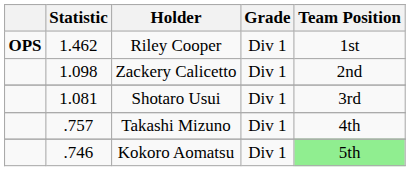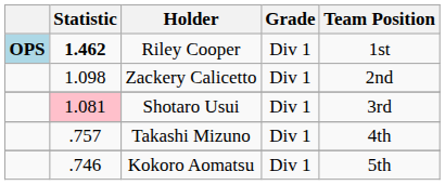 <table class="wikitable" style="text-align: center; mPERin: 0 auto;">
 <tr>
 <th></th>
 <th>Statistic</th>
 <th>Holder</th>
 <th>Grade</th>
 <th>Team Position</th>
 </tr>
 <tr>
-<td><strong>OPS</strong></td>
-<td>1.462</td>
+<td style="background: lightblue;"><strong>OPS</strong></td>
+<td><strong>1.462</strong></td>
 <td>Riley Cooper</td>
 <td>Div 1</td>
 <td>1st</td>
 </tr>
 <tr>
 <td></td>
 <td>1.098</td>
 <td>Zackery Calicetto</td>
 <td>Div 1</td>
 <td>2nd</td>
 </tr>
 <tr>
 </tr>
 <tr>
 <td></td>
-<td>1.081</td>
+<td style="background: pink;">1.081</td>
 <td>Shotaro Usui</td>
 <td>Div 1</td>
 <td>3rd</td>
 </tr>
 <tr>
 </tr>
 <tr>
 <td></td>
 <td>.757</td>
 <td>Takashi Mizuno</td>
 <td>Div 1</td>
 <td>4th</td>
 </tr>
 <tr>
 </tr>
 <tr>
 <td></td>
 <td>.746</td>
 <td>Kokoro Aomatsu</td>
 <td>Div 1</td>
-<td style="background: lightgreen;">5th</td>
+<td>5th</td>
 </tr>
 </table>
